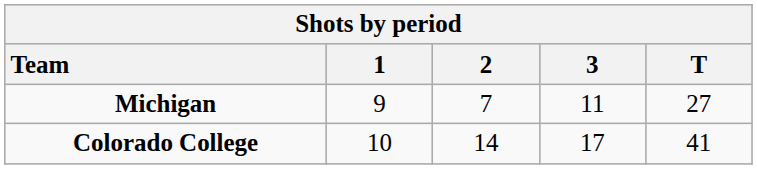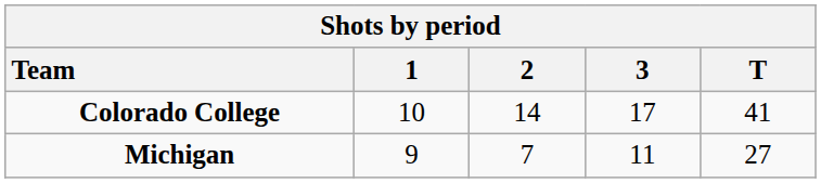 <table class="wikitable" style="width:30em; text-align:right;">
 <tr>
 <th colspan=5>Shots by period</th>
 </tr>
 <tr>
 <th style="width:10em; text-align:left;">Team</th>
 <th style="width:3em;">1</th>
 <th style="width:3em;">2</th>
 <th style="width:3em;">3</th>
 <th style="width:3em;">T</th>
 </tr>
 <tr>
+<td align=center><strong>Colorado College</strong></td>
+<td align=center>10</td>
+<td align=center>14</td>
+<td align=center>17</td>
+<td align=center>41</td>
+</tr>
+<tr>
 <td align=center><strong>Michigan</strong></td>
 <td align=center>9</td>
 <td align=center>7</td>
 <td align=center>11</td>
 <td align=center>27</td>
 </tr>
-<tr>
-<td align=center><strong>Colorado College</strong></td>
-<td align=center>10</td>
-<td align=center>14</td>
-<td align=center>17</td>
-<td align=center>41</td>
-</tr>
 </table>
